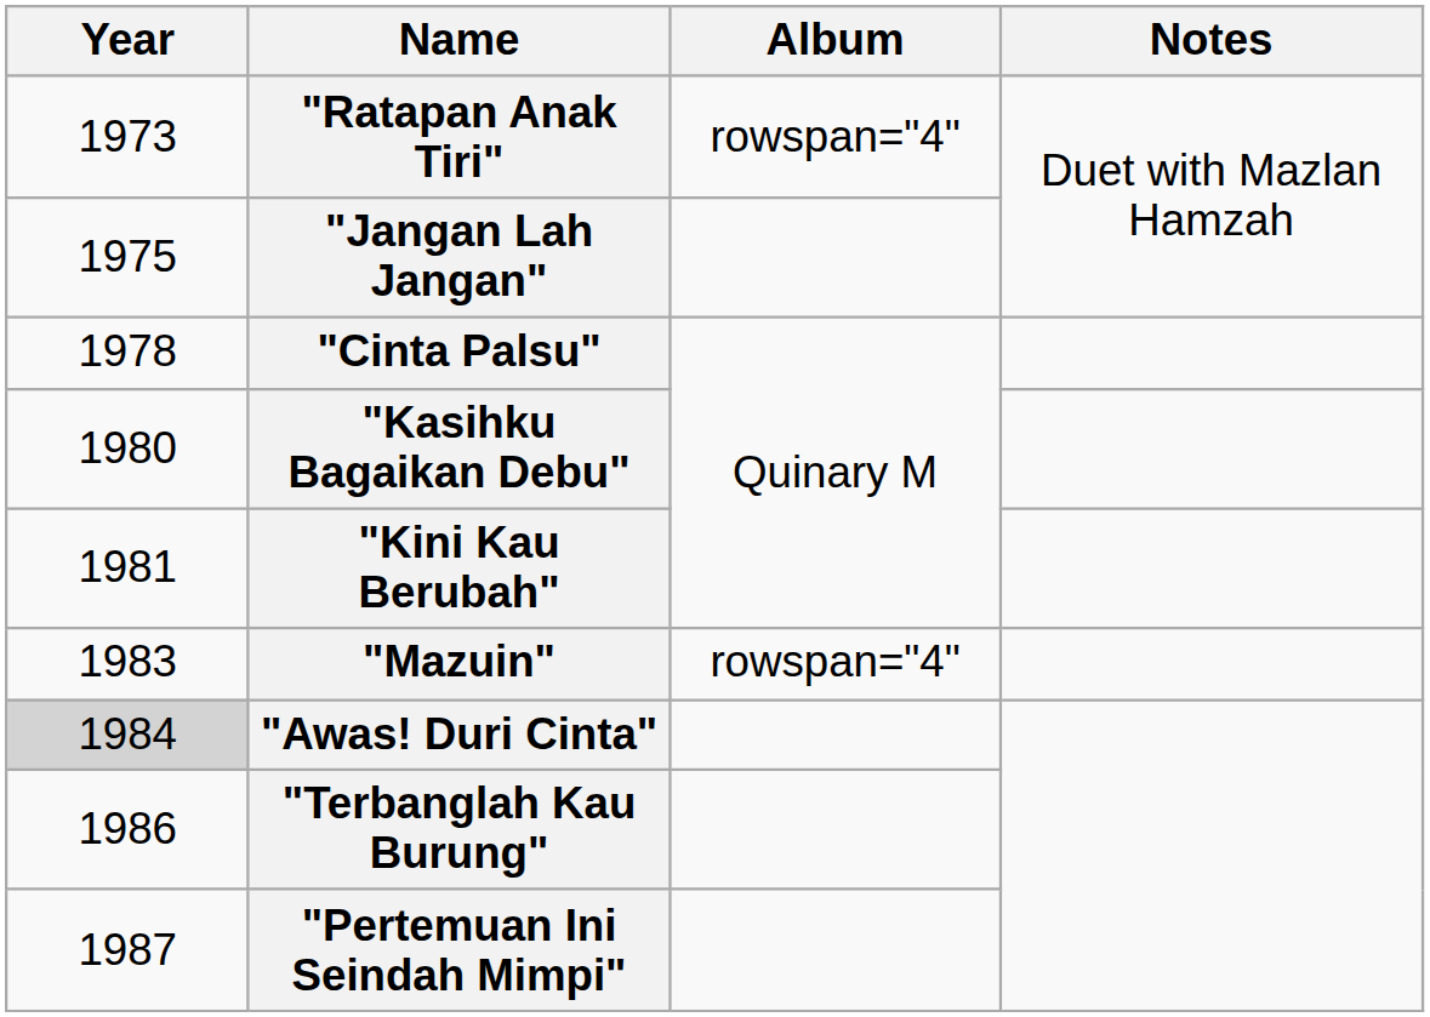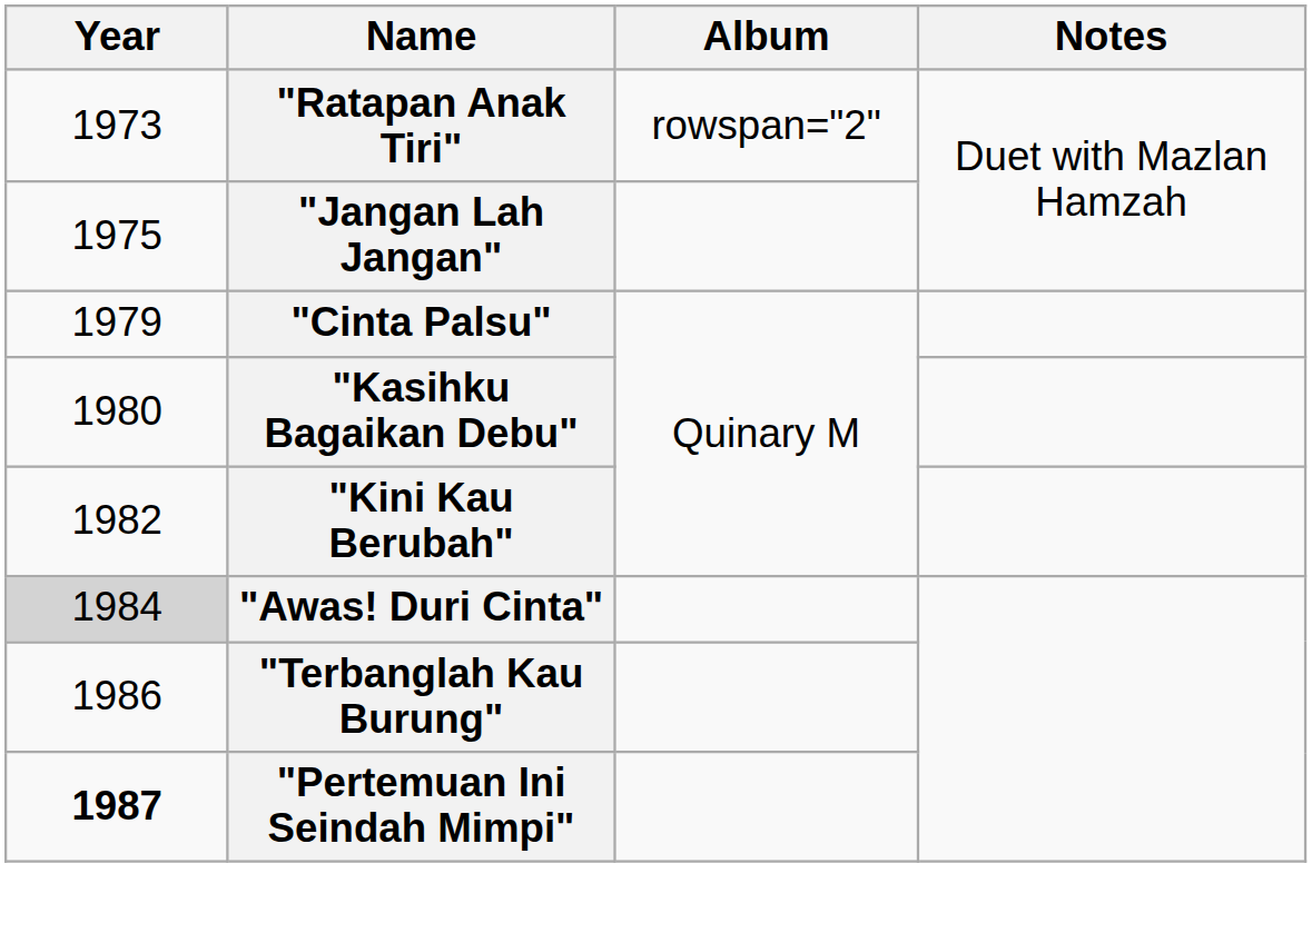 <table class="wikitable plainrowheaders" style="text-align:center;" border="1">
 <tr>
 <th scope="col" style="width:5em;">Year</th>
 <th scope="col" style="width:9em;">Name</th>
 <th scope="col" style="width:7em;">Album</th>
 <th scope="col" style="width:9em;">Notes</th>
 </tr>
 <tr>
 <td rowspan="1" style="text-align:center;">1973</td>
 <th scope="row">"Ratapan Anak Tiri"</th>
-<td>rowspan="4" </td>
+<td>rowspan="2" </td>
 <td rowspan="2">Duet with Mazlan Hamzah</td>
 </tr>
 <tr>
 <td rowspan="1" style="text-align:center;">1975</td>
 <th scope="row">"Jangan Lah Jangan"</th>
 </tr>
 <tr>
-<td rowspan="1" style="text-align:center;">1978</td>
+<td rowspan="1" style="text-align:center;">1979</td>
 <th scope="row">"Cinta Palsu"</th>
 <td rowspan="3">Quinary M</td>
 <td></td>
 </tr>
 <tr>
 <td rowspan="1" style="text-align:center;">1980</td>
 <th scope="row">"Kasihku Bagaikan Debu"</th>
 <td></td>
 </tr>
 <tr>
-<td rowspan="1" style="text-align:center;">1981</td>
+<td rowspan="1" style="text-align:center;">1982</td>
 <th scope="row">"Kini Kau Berubah"</th>
-<td></td>
-</tr>
-<tr>
-<td rowspan="1" style="text-align:center;">1983</td>
-<th scope="row">"Mazuin"</th>
-<td>rowspan="4" </td>
 <td></td>
 </tr>
 <tr>
 <td rowspan="1" style="background: lightgrey; text-align:center;">1984</td>
 <th scope="row">"Awas! Duri Cinta"</th>
 <td></td>
 </tr>
 <tr>
 <td rowspan="1" style="text-align:center;">1986</td>
 <th scope="row">"Terbanglah Kau Burung"</th>
 <td></td>
 </tr>
 <tr>
-<td rowspan="1" style="text-align:center;">1987</td>
+<td rowspan="1" style="text-align:center;"><strong>1987</strong></td>
 <th scope="row">"Pertemuan Ini Seindah Mimpi"</th>
 <td></td>
 </tr>
 </table>
